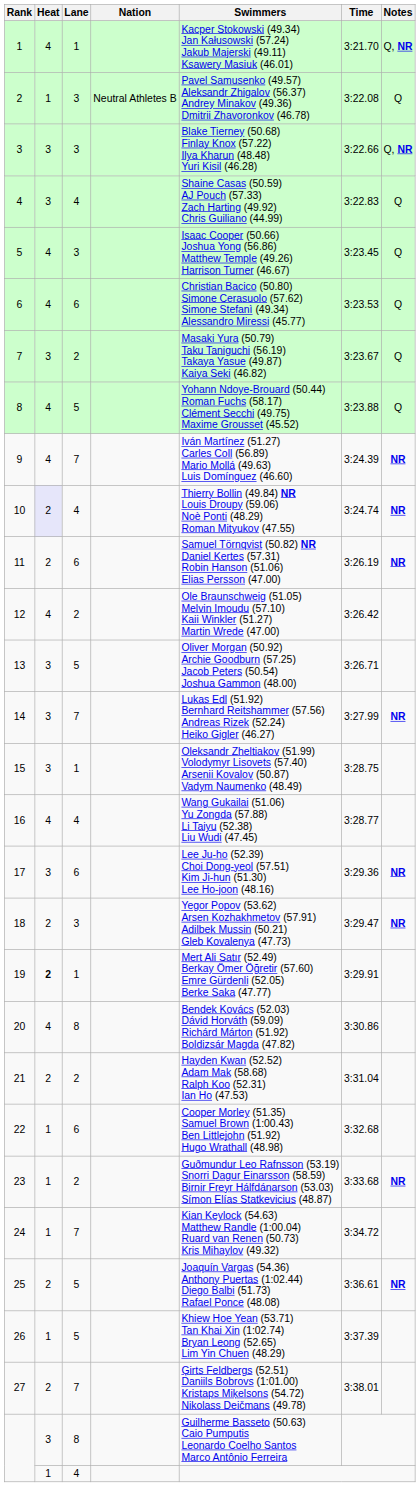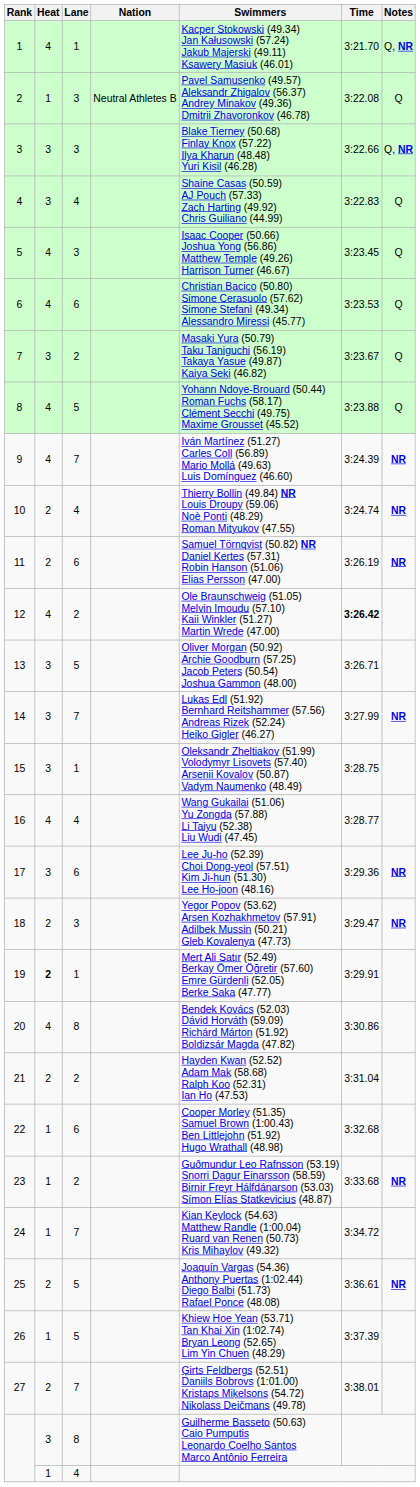 <table class="wikitable sortable" style="text-align:center">
 <tr>
 <th>Rank</th>
 <th>Heat</th>
 <th>Lane</th>
 <th>Nation</th>
 <th>Swimmers</th>
 <th>Time</th>
 <th>Notes</th>
 </tr>
 <tr bgcolor=ccffcc>
 <td>1</td>
 <td>4</td>
 <td>1</td>
 <td align=left></td>
 <td align=left><a href='#'>Kacper Stokowski</a> (49.34)<br><a href='#'>Jan Kałusowski</a> (57.24)<br><a href='#'>Jakub Majerski</a> (49.11)<br><a href='#'>Ksawery Masiuk</a> (46.01)</td>
 <td>3:21.70</td>
 <td>Q, <strong><a href='#'>NR</a></strong></td>
 </tr>
 <tr bgcolor=ccffcc>
 <td>2</td>
 <td>1</td>
 <td>3</td>
 <td align=left> Neutral Athletes B</td>
 <td align=left><a href='#'>Pavel Samusenko</a> (49.57)<br><a href='#'>Aleksandr Zhigalov</a> (56.37)<br><a href='#'>Andrey Minakov</a> (49.36)<br><a href='#'>Dmitrii Zhavoronkov</a> (46.78)</td>
 <td>3:22.08</td>
 <td>Q</td>
 </tr>
 <tr bgcolor=ccffcc>
 <td>3</td>
 <td>3</td>
 <td>3</td>
 <td align=left></td>
 <td align=left><a href='#'>Blake Tierney</a> (50.68)<br><a href='#'>Finlay Knox</a> (57.22)<br><a href='#'>Ilya Kharun</a> (48.48)<br><a href='#'>Yuri Kisil</a> (46.28)</td>
 <td>3:22.66</td>
 <td>Q, <strong><a href='#'>NR</a></strong></td>
 </tr>
 <tr bgcolor=ccffcc>
 <td>4</td>
 <td>3</td>
 <td>4</td>
 <td align=left></td>
 <td align=left><a href='#'>Shaine Casas</a> (50.59)<br><a href='#'>AJ Pouch</a> (57.33)<br><a href='#'>Zach Harting</a> (49.92)<br><a href='#'>Chris Guiliano</a> (44.99)</td>
 <td>3:22.83</td>
 <td>Q</td>
 </tr>
 <tr bgcolor=ccffcc>
 <td>5</td>
 <td>4</td>
 <td>3</td>
 <td align=left></td>
 <td align=left><a href='#'>Isaac Cooper</a> (50.66)<br><a href='#'>Joshua Yong</a> (56.86)<br><a href='#'>Matthew Temple</a> (49.26)<br><a href='#'>Harrison Turner</a> (46.67)</td>
 <td>3:23.45</td>
 <td>Q</td>
 </tr>
 <tr bgcolor=ccffcc>
 <td>6</td>
 <td>4</td>
 <td>6</td>
 <td align=left></td>
 <td align=left><a href='#'>Christian Bacico</a> (50.80)<br><a href='#'>Simone Cerasuolo</a> (57.62)<br><a href='#'>Simone Stefanì</a> (49.34)<br><a href='#'>Alessandro Miressi</a> (45.77)</td>
 <td>3:23.53</td>
 <td>Q</td>
 </tr>
 <tr bgcolor=ccffcc>
 <td>7</td>
 <td>3</td>
 <td>2</td>
 <td align=left></td>
 <td align=left><a href='#'>Masaki Yura</a> (50.79)<br><a href='#'>Taku Taniguchi</a> (56.19)<br><a href='#'>Takaya Yasue</a> (49.87)<br><a href='#'>Kaiya Seki</a> (46.82)</td>
 <td>3:23.67</td>
 <td>Q</td>
 </tr>
 <tr bgcolor=ccffcc>
 <td>8</td>
 <td>4</td>
 <td>5</td>
 <td align=left></td>
 <td align=left><a href='#'>Yohann Ndoye-Brouard</a> (50.44)<br><a href='#'>Roman Fuchs</a> (58.17)<br><a href='#'>Clément Secchi</a> (49.75)<br><a href='#'>Maxime Grousset</a> (45.52)</td>
 <td>3:23.88</td>
 <td>Q</td>
 </tr>
 <tr>
 <td>9</td>
 <td>4</td>
 <td>7</td>
 <td align=left></td>
 <td align=left><a href='#'>Iván Martínez</a> (51.27)<br><a href='#'>Carles Coll</a> (56.89)<br><a href='#'>Mario Mollá</a> (49.63)<br><a href='#'>Luis Domínguez</a> (46.60)</td>
 <td>3:24.39</td>
 <td><strong><a href='#'>NR</a></strong></td>
 </tr>
 <tr>
 <td>10</td>
-<td style="background: lavender;">2</td>
+<td>2</td>
 <td>4</td>
 <td align=left></td>
 <td align=left><a href='#'>Thierry Bollin</a> (49.84) <strong><a href='#'>NR</a></strong><br><a href='#'>Louis Droupy</a> (59.06)<br><a href='#'>Noè Ponti</a> (48.29)<br><a href='#'>Roman Mityukov</a> (47.55)</td>
 <td>3:24.74</td>
 <td><strong><a href='#'>NR</a></strong></td>
 </tr>
 <tr>
 <td>11</td>
 <td>2</td>
 <td>6</td>
 <td align=left></td>
 <td align=left><a href='#'>Samuel Törnqvist</a> (50.82) <strong><a href='#'>NR</a></strong><br><a href='#'>Daniel Kertes</a> (57.31)<br><a href='#'>Robin Hanson</a> (51.06)<br><a href='#'>Elias Persson</a> (47.00)</td>
 <td>3:26.19</td>
 <td><strong><a href='#'>NR</a></strong></td>
 </tr>
 <tr>
 <td>12</td>
 <td>4</td>
 <td>2</td>
 <td align=left></td>
 <td align=left><a href='#'>Ole Braunschweig</a> (51.05)<br><a href='#'>Melvin Imoudu</a> (57.10)<br><a href='#'>Kaii Winkler</a> (51.27)<br><a href='#'>Martin Wrede</a> (47.00)</td>
-<td>3:26.42</td>
+<td><strong>3:26.42</strong></td>
 <td></td>
 </tr>
 <tr>
 <td>13</td>
 <td>3</td>
 <td>5</td>
 <td align=left></td>
 <td align=left><a href='#'>Oliver Morgan</a> (50.92)<br><a href='#'>Archie Goodburn</a> (57.25)<br><a href='#'>Jacob Peters</a> (50.54)<br><a href='#'>Joshua Gammon</a> (48.00)</td>
 <td>3:26.71</td>
 <td></td>
 </tr>
 <tr>
 <td>14</td>
 <td>3</td>
 <td>7</td>
 <td align=left></td>
 <td align=left><a href='#'>Lukas Edl</a> (51.92)<br><a href='#'>Bernhard Reitshammer</a> (57.56)<br><a href='#'>Andreas Rizek</a> (52.24)<br><a href='#'>Heiko Gigler</a> (46.27)</td>
 <td>3:27.99</td>
 <td><strong><a href='#'>NR</a></strong></td>
 </tr>
 <tr>
 <td>15</td>
 <td>3</td>
 <td>1</td>
 <td align=left></td>
 <td align=left><a href='#'>Oleksandr Zheltiakov</a> (51.99)<br><a href='#'>Volodymyr Lisovets</a> (57.40)<br><a href='#'>Arsenii Kovalov</a> (50.87)<br><a href='#'>Vadym Naumenko</a> (48.49)</td>
 <td>3:28.75</td>
 <td></td>
 </tr>
 <tr>
 <td>16</td>
 <td>4</td>
 <td>4</td>
 <td align=left></td>
 <td align=left><a href='#'>Wang Gukailai</a> (51.06)<br><a href='#'>Yu Zongda</a>  (57.88)<br><a href='#'>Li Taiyu</a> (52.38)<br><a href='#'>Liu Wudi</a> (47.45)</td>
 <td>3:28.77</td>
 <td></td>
 </tr>
 <tr>
 <td>17</td>
 <td>3</td>
 <td>6</td>
 <td align=left></td>
 <td align=left><a href='#'>Lee Ju-ho</a> (52.39)<br><a href='#'>Choi Dong-yeol</a> (57.51)<br><a href='#'>Kim Ji-hun</a> (51.30)<br><a href='#'>Lee Ho-joon</a> (48.16)</td>
 <td>3:29.36</td>
 <td><strong><a href='#'>NR</a></strong></td>
 </tr>
 <tr>
 <td>18</td>
 <td>2</td>
 <td>3</td>
 <td align=left></td>
 <td align=left><a href='#'>Yegor Popov</a> (53.62)<br><a href='#'>Arsen Kozhakhmetov</a> (57.91)<br><a href='#'>Adilbek Mussin</a> (50.21)<br><a href='#'>Gleb Kovalenya</a> (47.73)</td>
 <td>3:29.47</td>
 <td><strong><a href='#'>NR</a></strong></td>
 </tr>
 <tr>
 <td>19</td>
 <td><strong>2</strong></td>
 <td>1</td>
 <td align=left></td>
 <td align=left><a href='#'>Mert Ali Satır</a> (52.49)<br><a href='#'>Berkay Ömer Öğretir</a> (57.60)<br><a href='#'>Emre Gürdenli</a> (52.05)<br><a href='#'>Berke Saka</a> (47.77)</td>
 <td>3:29.91</td>
 <td></td>
 </tr>
 <tr>
 <td>20</td>
 <td>4</td>
 <td>8</td>
 <td align=left></td>
 <td align=left><a href='#'>Bendek Kovács</a> (52.03)<br><a href='#'>Dávid Horváth</a> (59.09)<br><a href='#'>Richárd Márton</a> (51.92)<br><a href='#'>Boldizsár Magda</a> (47.82)</td>
 <td>3:30.86</td>
 <td></td>
 </tr>
 <tr>
 <td>21</td>
 <td>2</td>
 <td>2</td>
 <td align=left></td>
 <td align=left><a href='#'>Hayden Kwan</a> (52.52)<br><a href='#'>Adam Mak</a> (58.68)<br><a href='#'>Ralph Koo</a> (52.31)<br><a href='#'>Ian Ho</a> (47.53)</td>
 <td>3:31.04</td>
 <td></td>
 </tr>
 <tr>
 <td>22</td>
 <td>1</td>
 <td>6</td>
 <td align=left></td>
 <td align=left><a href='#'>Cooper Morley</a> (51.35)<br><a href='#'>Samuel Brown</a> (1:00.43)<br><a href='#'>Ben Littlejohn</a> (51.92)<br><a href='#'>Hugo Wrathall</a> (48.98)</td>
 <td>3:32.68</td>
 <td></td>
 </tr>
 <tr>
 <td>23</td>
 <td>1</td>
 <td>2</td>
 <td align=left></td>
 <td align=left><a href='#'>Guðmundur Leo Rafnsson</a> (53.19)<br><a href='#'>Snorri Dagur Einarsson</a> (58.59)<br><a href='#'>Birnir Freyr Hálfdánarson</a> (53.03)<br><a href='#'>Símon Elías Statkevicius</a> (48.87)</td>
 <td>3:33.68</td>
 <td><strong><a href='#'>NR</a></strong></td>
 </tr>
 <tr>
 <td>24</td>
 <td>1</td>
 <td>7</td>
 <td align=left></td>
 <td align=left><a href='#'>Kian Keylock</a> (54.63)<br><a href='#'>Matthew Randle</a> (1:00.04)<br><a href='#'>Ruard van Renen</a> (50.73)<br><a href='#'>Kris Mihaylov</a> (49.32)</td>
 <td>3:34.72</td>
 <td></td>
 </tr>
 <tr>
 <td>25</td>
 <td>2</td>
 <td>5</td>
 <td align=left></td>
 <td align=left><a href='#'>Joaquín Vargas</a> (54.36)<br><a href='#'>Anthony Puertas</a> (1:02.44)<br><a href='#'>Diego Balbi</a> (51.73)<br><a href='#'>Rafael Ponce</a> (48.08)</td>
 <td>3:36.61</td>
 <td><strong><a href='#'>NR</a></strong></td>
 </tr>
 <tr>
 <td>26</td>
 <td>1</td>
 <td>5</td>
 <td align=left></td>
 <td align=left><a href='#'>Khiew Hoe Yean</a> (53.71)<br><a href='#'>Tan Khai Xin</a> (1:02.74)<br><a href='#'>Bryan Leong</a> (52.65)<br><a href='#'>Lim Yin Chuen</a> (48.29)</td>
 <td>3:37.39</td>
 <td></td>
 </tr>
 <tr>
 <td>27</td>
 <td>2</td>
 <td>7</td>
 <td align=left></td>
 <td align=left><a href='#'>Ģirts Feldbergs</a> (52.51)<br><a href='#'>Daniils Bobrovs</a> (1:01.00)<br><a href='#'>Kristaps Miķelsons</a> (54.72)<br><a href='#'>Nikolass Deičmans</a> (49.78)</td>
 <td>3:38.01</td>
 <td></td>
 </tr>
 <tr>
 <td rowspan=2></td>
 <td>3</td>
 <td>8</td>
 <td align=left></td>
 <td align=left><a href='#'>Guilherme Basseto</a> (50.63)<br><a href='#'>Caio Pumputis</a><br><a href='#'>Leonardo Coelho Santos</a><br><a href='#'>Marco Antônio Ferreira</a></td>
 <td colspan=2></td>
 </tr>
 <tr>
 <td>1</td>
 <td>4</td>
 <td align=left></td>
 <td colspan=3></td>
 </tr>
 </table>
